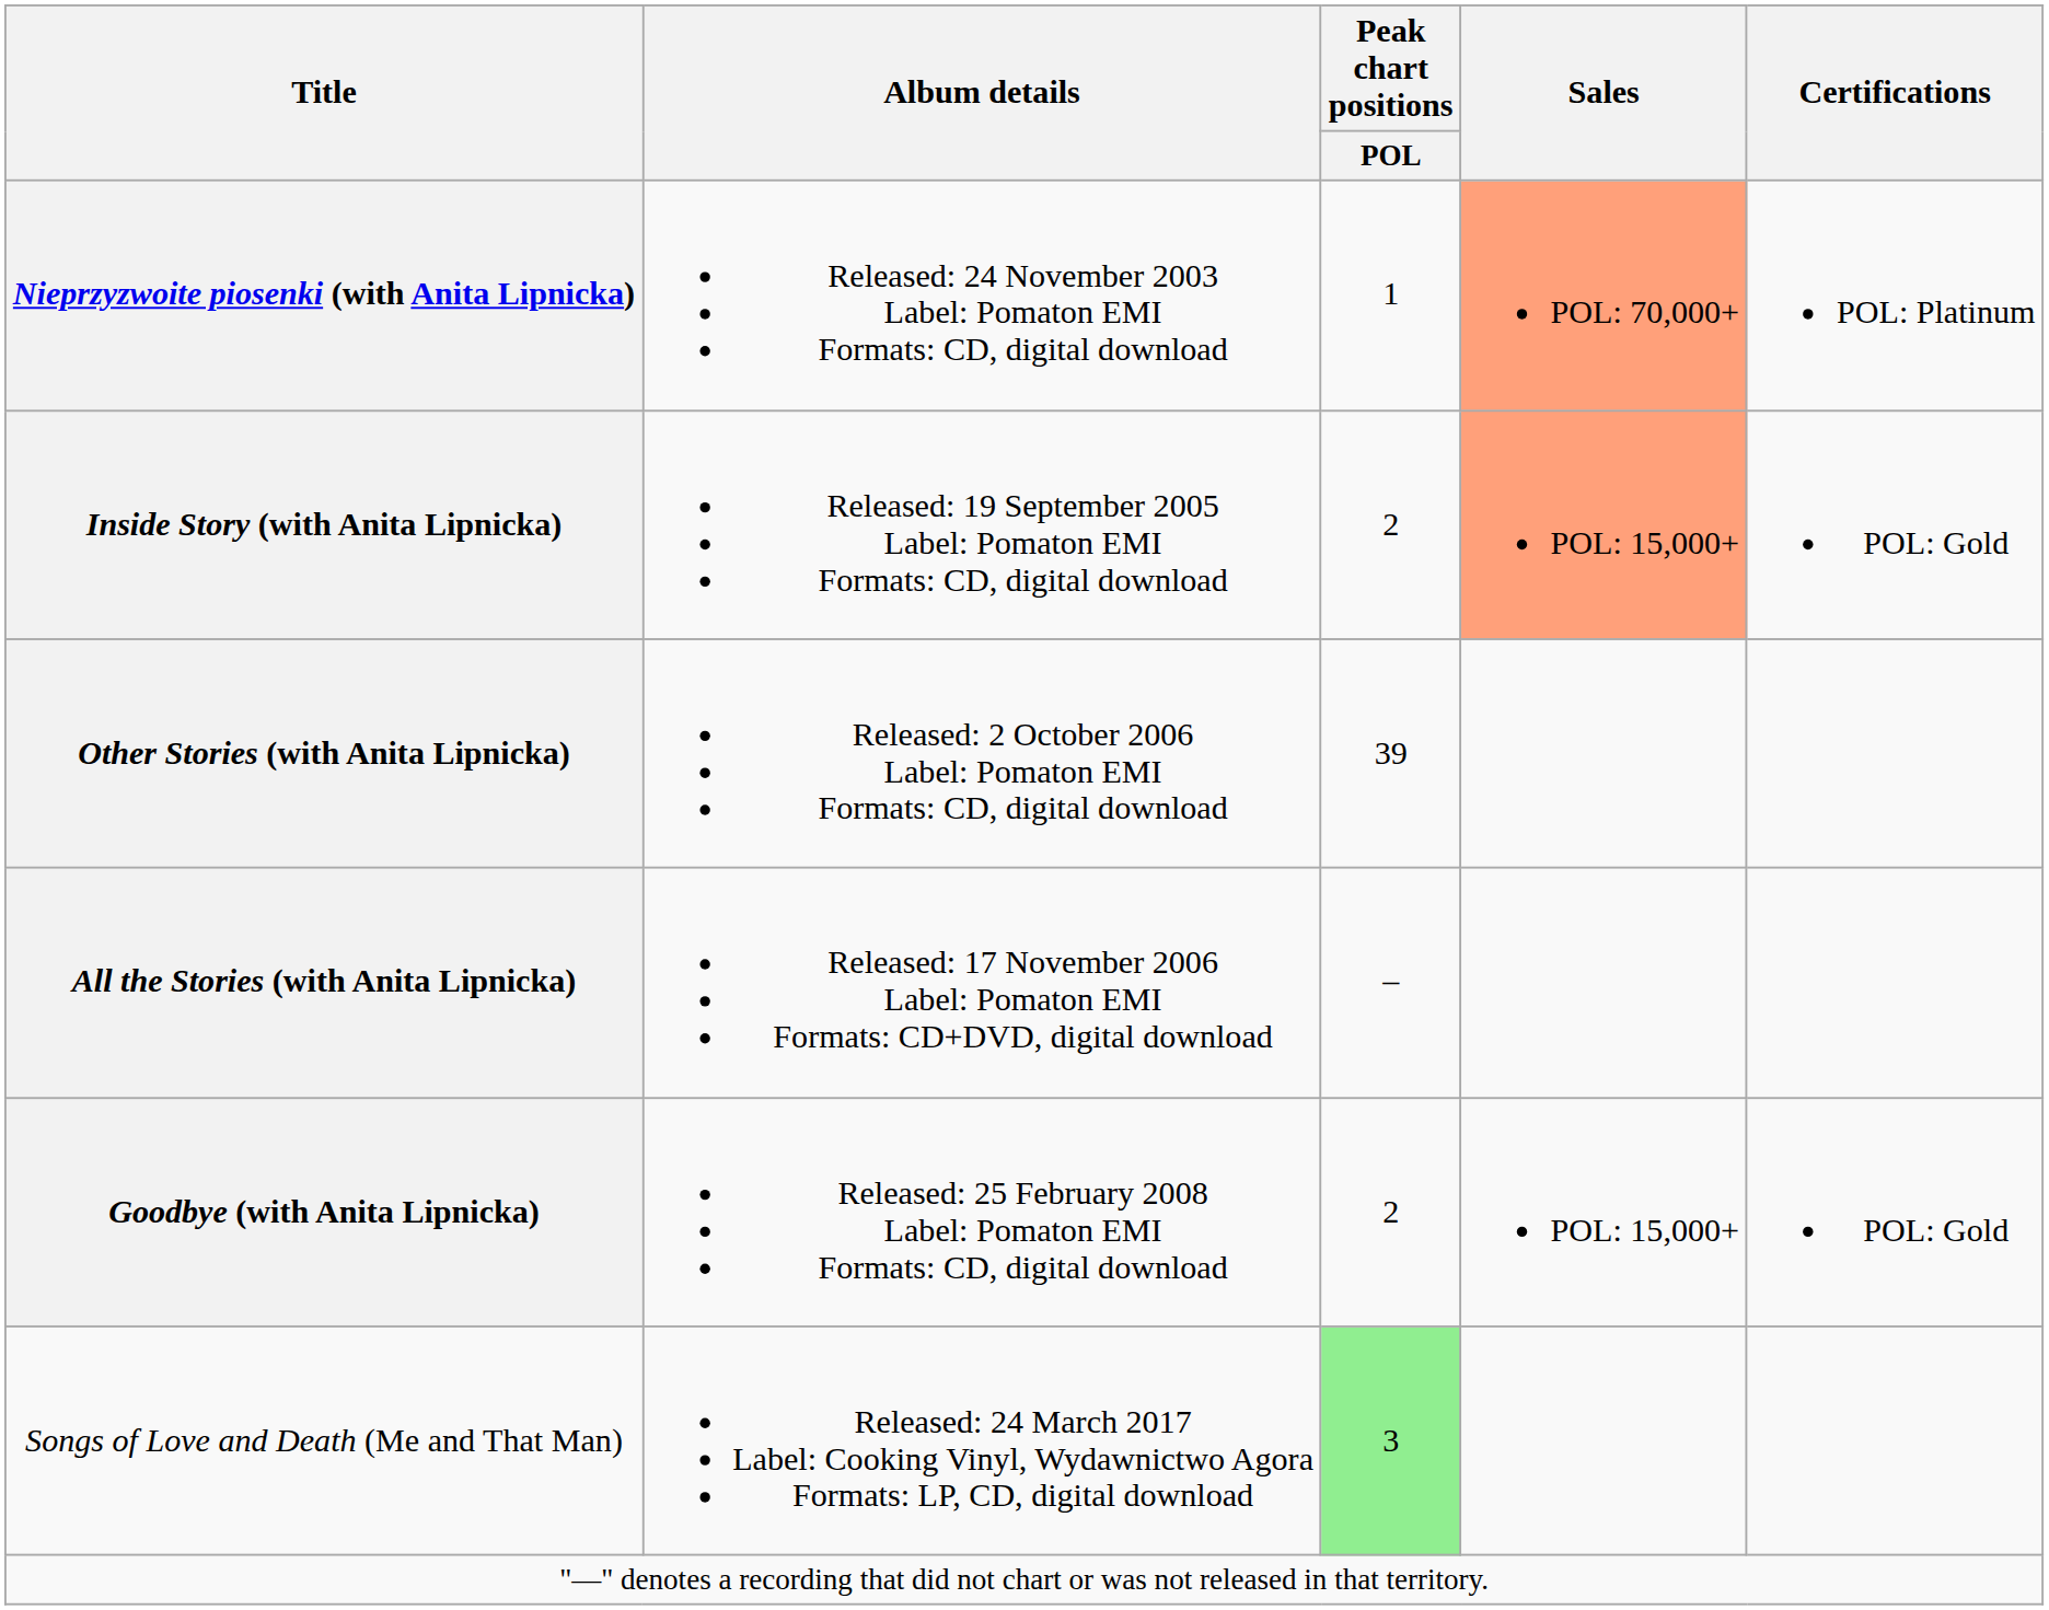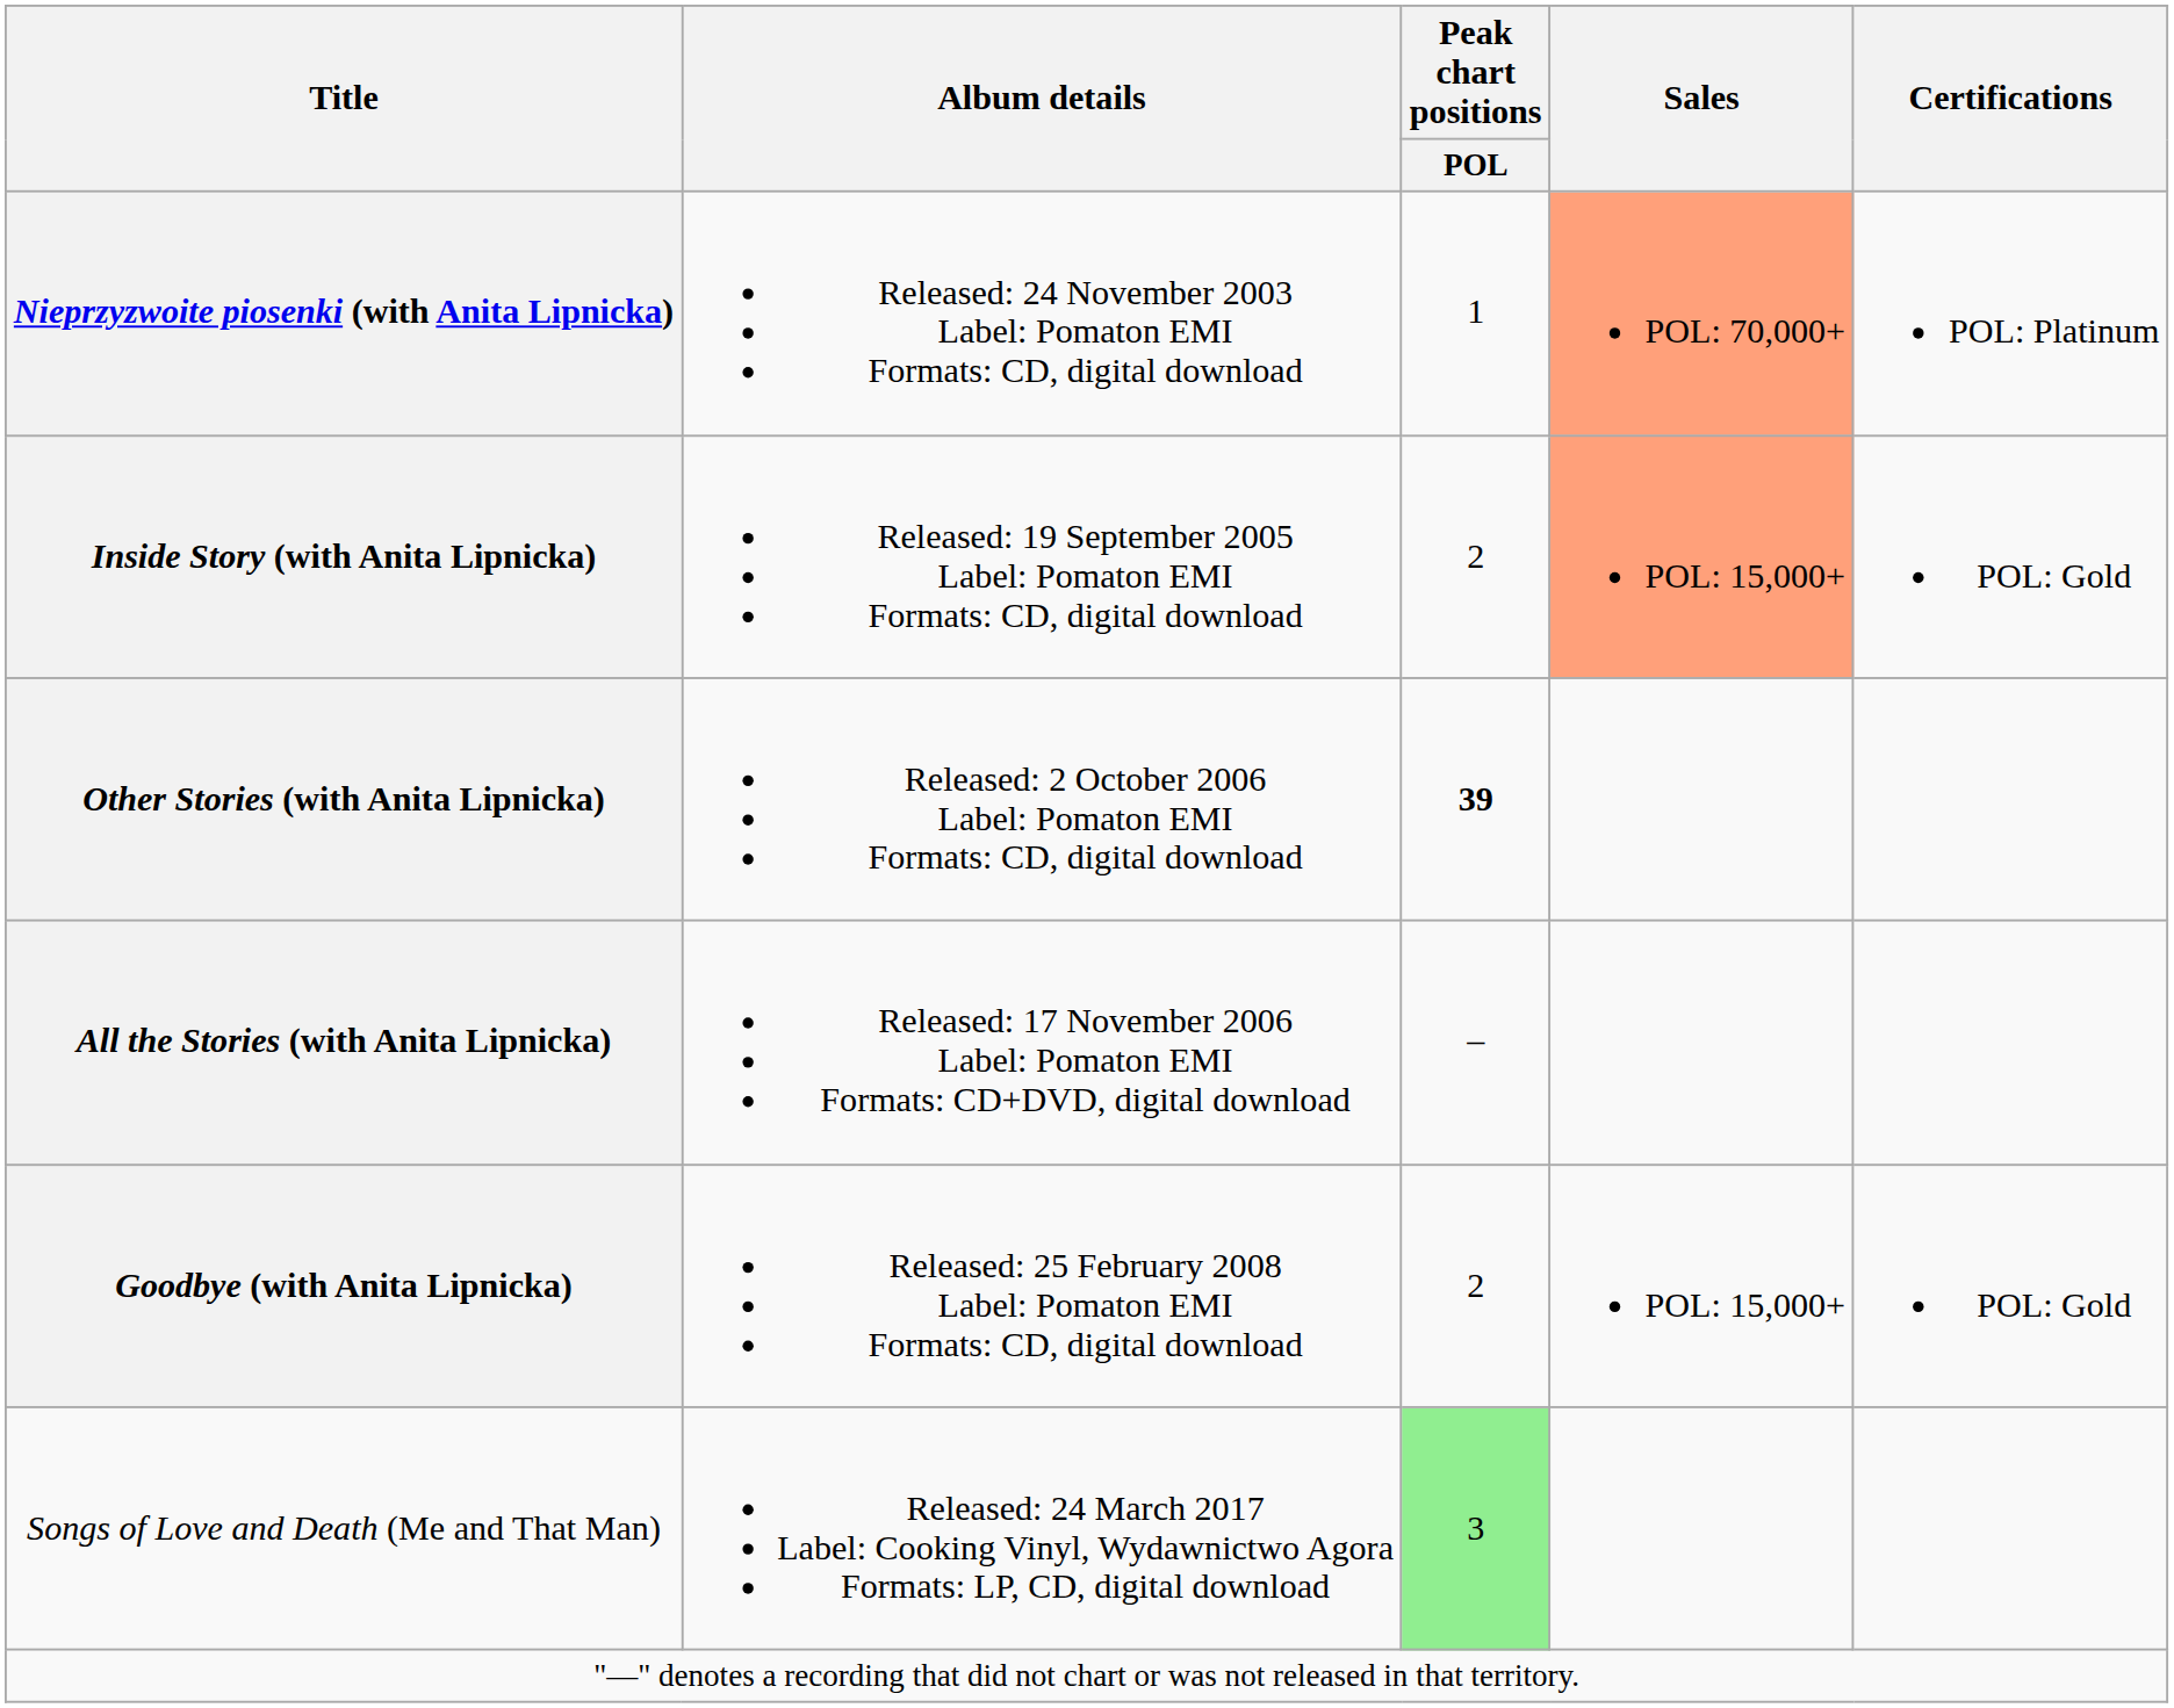 <table class="wikitable plainrowheaders" style="text-align:center;">
 <tr>
 <th scope="col" rowspan="2">Title</th>
 <th scope="col" rowspan="2">Album details</th>
 <th scope="col" colspan="1">Peak chart positions</th>
 <th scope="col" rowspan="2">Sales</th>
 <th scope="col" rowspan="2">Certifications</th>
 </tr>
 <tr>
 <th scope="col" style="width:3em;font-size:90%;">POL<br></th>
 </tr>
 <tr>
 <th scope="row"><em><a href='#'>Nieprzyzwoite piosenki</a></em> (with <a href='#'>Anita Lipnicka</a>)</th>
 <td><br><ul><li>Released: 24 November 2003</li><li>Label: Pomaton EMI</li><li>Formats: CD, digital download</li></ul></td>
 <td>1</td>
 <td style="background: lightsalmon;"><br><ul><li>POL: 70,000+</li></ul></td>
 <td><br><ul><li>POL: Platinum</li></ul></td>
 </tr>
 <tr>
 <th scope="row"><em>Inside Story</em> (with Anita Lipnicka)</th>
 <td><br><ul><li>Released: 19 September 2005</li><li>Label: Pomaton EMI</li><li>Formats: CD, digital download</li></ul></td>
 <td>2</td>
 <td style="background: lightsalmon;"><br><ul><li>POL: 15,000+</li></ul></td>
 <td><br><ul><li>POL: Gold</li></ul></td>
 </tr>
 <tr>
 <th scope="row"><em>Other Stories</em> (with Anita Lipnicka)</th>
 <td><br><ul><li>Released: 2 October 2006</li><li>Label: Pomaton EMI</li><li>Formats: CD, digital download</li></ul></td>
-<td>39</td>
+<td><strong>39</strong></td>
 <td></td>
 <td></td>
 </tr>
 <tr>
 <th scope="row"><em>All the Stories</em> (with Anita Lipnicka)</th>
 <td><br><ul><li>Released: 17 November 2006</li><li>Label: Pomaton EMI</li><li>Formats: CD+DVD, digital download</li></ul></td>
 <td>–</td>
 <td></td>
 <td></td>
 </tr>
 <tr>
 <th scope="row"><em>Goodbye</em> (with Anita Lipnicka)</th>
 <td><br><ul><li>Released: 25 February 2008</li><li>Label: Pomaton EMI</li><li>Formats: CD, digital download</li></ul></td>
 <td>2</td>
 <td><br><ul><li>POL: 15,000+</li></ul></td>
 <td><br><ul><li>POL: Gold</li></ul></td>
 </tr>
 <tr>
 <td><em>Songs of Love and Death</em> (Me and That Man)</td>
 <td><br><ul><li>Released: 24 March 2017</li><li>Label: Cooking Vinyl, Wydawnictwo Agora</li><li>Formats: LP, CD, digital download</li></ul></td>
 <td style="background: lightgreen;">3</td>
 <td></td>
 <td></td>
 </tr>
 <tr>
 <td colspan="20" style="font-size:90%">"—" denotes a recording that did not chart or was not released in that territory.</td>
 </tr>
 </table>
